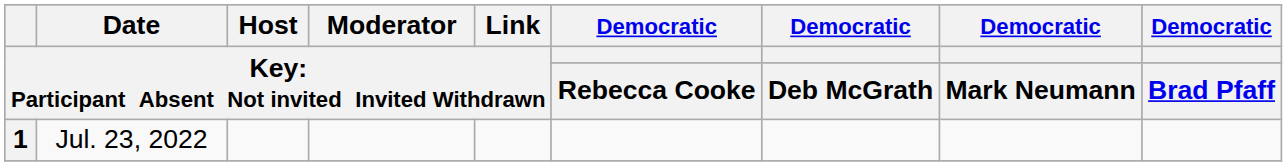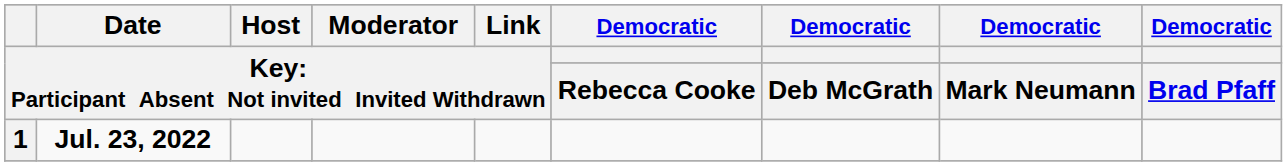 <table class="wikitable" style="text-align:center;">
 <tr>
 <th scope="col"></th>
 <th scope="col">Date</th>
 <th scope="col">Host</th>
 <th scope="col">Moderator</th>
 <th scope="col">Link</th>
 <th scope="col"><small><a href='#'>Democratic</a></small></th>
 <th scope="col"><small><a href='#'>Democratic</a></small></th>
 <th scope="col"><small><a href='#'>Democratic</a></small></th>
 <th scope="col"><small><a href='#'>Democratic</a></small></th>
 </tr>
 <tr>
 <th colspan="5" rowspan="2">Key:<br> <small>Participant </small>  <small>Absent </small>  <small>Not invited </small>  <small>Invited  Withdrawn</small></th>
 <th scope="col" style="background:"></th>
 <th scope="col" style="background:"></th>
 <th scope="col" style="background:"></th>
 <th scope="col" style="background:"></th>
 </tr>
 <tr>
 <th scope="col">Rebecca Cooke</th>
 <th scope="col">Deb McGrath</th>
 <th scope="col">Mark Neumann</th>
 <th scope="col"><a href='#'>Brad Pfaff</a></th>
 </tr>
 <tr>
 <th>1</th>
-<td style="white-space:nowrap;">Jul. 23, 2022</td>
+<td style="white-space:nowrap;"><strong>Jul. 23, 2022</strong></td>
 <td style="white-space:nowrap;"></td>
 <td style="white-space:nowrap;"></td>
 <td style="white-space:nowrap;"></td>
 <td></td>
 <td></td>
 <td></td>
 <td></td>
 </tr>
 </table>
